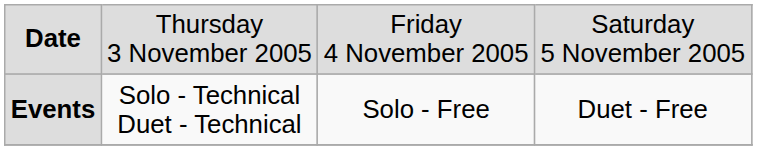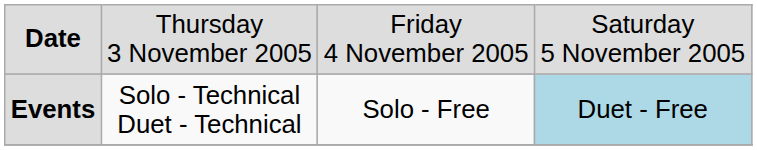 <table class=wikitable style="text-align:center">
 <tr bgcolor=#DDDDDD>
 <td><strong>Date</strong></td>
 <td>Thursday <br>3 November 2005</td>
 <td>Friday <br>4 November 2005</td>
 <td>Saturday <br>5 November 2005</td>
 </tr>
 <tr>
 <td bgcolor=#DDDDDD><strong>Events</strong></td>
 <td>Solo - Technical <br> Duet - Technical</td>
 <td>Solo - Free</td>
-<td>Duet - Free</td>
+<td style="background: lightblue;">Duet - Free</td>
 </tr>
 <tr>
 </tr>
 </table>
